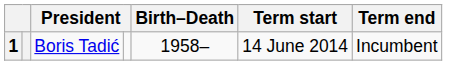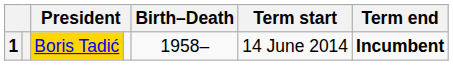 <table class="wikitable" style="text-align:center">
 <tr>
 <th colspan="2"></th>
 <th colspan="2">President</th>
 <th>Birth–Death</th>
 <th>Term start</th>
 <th>Term end</th>
 </tr>
 <tr>
 <th>1</th>
 <th style="background:"></th>
-<td><a href='#'>Boris Tadić</a></td>
+<td style="background: gold;"><a href='#'>Boris Tadić</a></td>
 <td></td>
 <td>1958–</td>
 <td>14 June 2014</td>
-<td>Incumbent</td>
+<td><strong>Incumbent</strong></td>
 </tr>
 </table>
